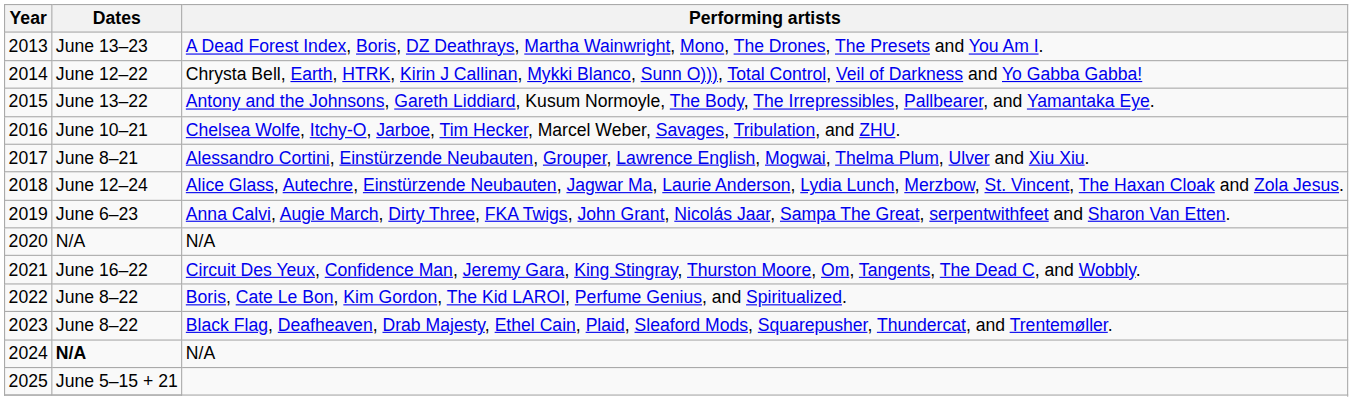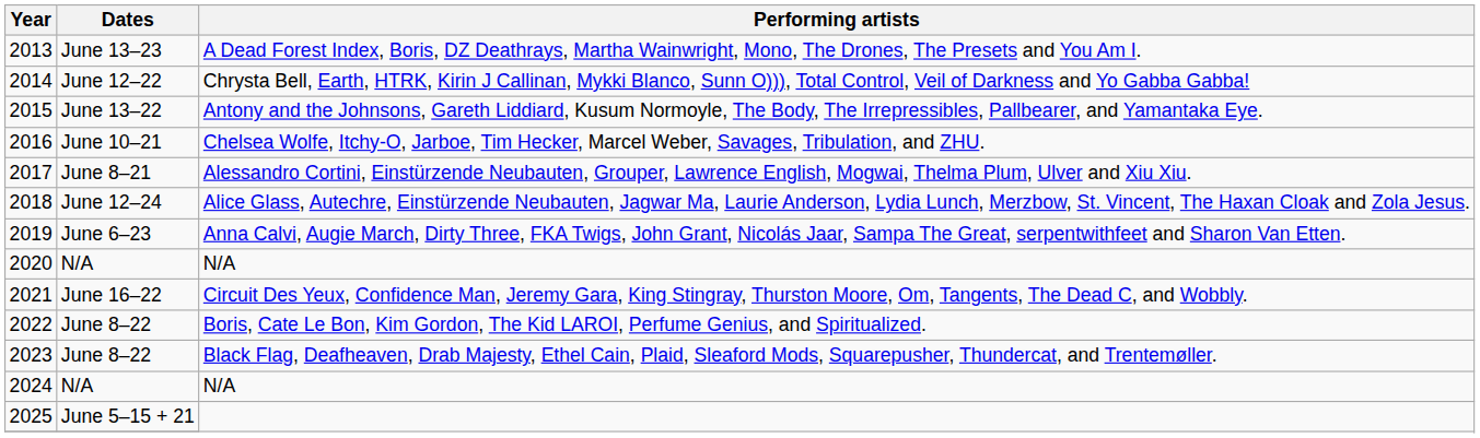 <table class="wikitable">
 <tr>
 <th>Year</th>
 <th>Dates</th>
 <th>Performing artists</th>
 </tr>
 <tr>
 <td>2013</td>
 <td>June 13–23</td>
 <td><a href='#'>A Dead Forest Index</a>, <a href='#'>Boris</a>, <a href='#'>DZ Deathrays</a>, <a href='#'>Martha Wainwright</a>, <a href='#'>Mono</a>, <a href='#'>The Drones</a>, <a href='#'>The Presets</a> and <a href='#'>You Am I</a>.</td>
 </tr>
 <tr>
 <td>2014</td>
 <td>June 12–22</td>
 <td>Chrysta Bell, <a href='#'>Earth</a>, <a href='#'>HTRK</a>, <a href='#'>Kirin J Callinan</a>, <a href='#'>Mykki Blanco</a>, <a href='#'>Sunn O)))</a>, <a href='#'>Total Control</a>, <a href='#'>Veil of Darkness</a> and <a href='#'>Yo Gabba Gabba!</a></td>
 </tr>
 <tr>
 <td>2015</td>
 <td>June 13–22</td>
 <td><a href='#'>Antony and the Johnsons</a>, <a href='#'>Gareth Liddiard</a>, Kusum Normoyle, <a href='#'>The Body</a>, <a href='#'>The Irrepressibles</a>, <a href='#'>Pallbearer</a>, and <a href='#'>Yamantaka Eye</a>.</td>
 </tr>
 <tr>
 <td>2016</td>
 <td>June 10–21</td>
 <td><a href='#'>Chelsea Wolfe</a>, <a href='#'>Itchy-O</a>, <a href='#'>Jarboe</a>, <a href='#'>Tim Hecker</a>, Marcel Weber, <a href='#'>Savages</a>, <a href='#'>Tribulation</a>, and <a href='#'>ZHU</a>.</td>
 </tr>
 <tr>
 <td>2017</td>
 <td>June 8–21</td>
 <td><a href='#'>Alessandro Cortini</a>, <a href='#'>Einstürzende Neubauten</a>, <a href='#'>Grouper</a>, <a href='#'>Lawrence English</a>, <a href='#'>Mogwai</a>, <a href='#'>Thelma Plum</a>, <a href='#'>Ulver</a> and <a href='#'>Xiu Xiu</a>.</td>
 </tr>
 <tr>
 <td>2018</td>
 <td>June 12–24</td>
 <td><a href='#'>Alice Glass</a>, <a href='#'>Autechre</a>, <a href='#'>Einstürzende Neubauten</a>, <a href='#'>Jagwar Ma</a>, <a href='#'>Laurie Anderson</a>, <a href='#'>Lydia Lunch</a>, <a href='#'>Merzbow</a>, <a href='#'>St. Vincent</a>, <a href='#'>The Haxan Cloak</a> and <a href='#'>Zola Jesus</a>.</td>
 </tr>
 <tr>
 <td>2019</td>
 <td>June 6–23</td>
 <td><a href='#'>Anna Calvi</a>, <a href='#'>Augie March</a>, <a href='#'>Dirty Three</a>, <a href='#'>FKA Twigs</a>, <a href='#'>John Grant</a>, <a href='#'>Nicolás Jaar</a>, <a href='#'>Sampa The Great</a>, <a href='#'>serpentwithfeet</a> and <a href='#'>Sharon Van Etten</a>.</td>
 </tr>
 <tr>
 <td>2020</td>
 <td>N/A</td>
 <td>N/A</td>
 </tr>
 <tr>
 <td>2021</td>
 <td>June 16–22</td>
 <td><a href='#'>Circuit Des Yeux</a>, <a href='#'>Confidence Man</a>, <a href='#'>Jeremy Gara</a>, <a href='#'>King Stingray</a>, <a href='#'>Thurston Moore</a>, <a href='#'>Om</a>, <a href='#'>Tangents</a>, <a href='#'>The Dead C</a>, and <a href='#'>Wobbly</a>.</td>
 </tr>
 <tr>
 <td>2022</td>
 <td>June 8–22</td>
 <td><a href='#'>Boris</a>, <a href='#'>Cate Le Bon</a>, <a href='#'>Kim Gordon</a>, <a href='#'>The Kid LAROI</a>, <a href='#'>Perfume Genius</a>, and <a href='#'>Spiritualized</a>.</td>
 </tr>
 <tr>
 <td>2023</td>
 <td>June 8–22</td>
 <td><a href='#'>Black Flag</a>, <a href='#'>Deafheaven</a>, <a href='#'>Drab Majesty</a>, <a href='#'>Ethel Cain</a>, <a href='#'>Plaid</a>, <a href='#'>Sleaford Mods</a>, <a href='#'>Squarepusher</a>, <a href='#'>Thundercat</a>, and <a href='#'>Trentemøller</a>.</td>
 </tr>
 <tr>
 <td>2024</td>
-<td><strong>N/A</strong></td>
+<td>N/A</td>
 <td>N/A</td>
 </tr>
 <tr>
 <td>2025</td>
 <td>June 5–15 + 21</td>
 </tr>
 <tr>
 </tr>
 </table>
